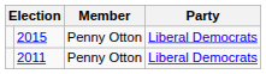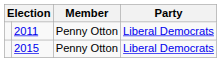 <table class="wikitable">
 <tr>
 <th colspan="2">Election</th>
 <th>Member</th>
 <th>Party</th>
 </tr>
 <tr>
 <td style="background-color: "></td>
-<td><a href='#'>2015</a></td>
+<td><a href='#'>2011</a></td>
 <td>Penny Otton</td>
 <td><a href='#'>Liberal Democrats</a></td>
 </tr>
 <tr>
 <td style="background-color: "></td>
-<td><a href='#'>2011</a></td>
+<td><a href='#'>2015</a></td>
 <td>Penny Otton</td>
 <td><a href='#'>Liberal Democrats</a></td>
 </tr>
 </table>
